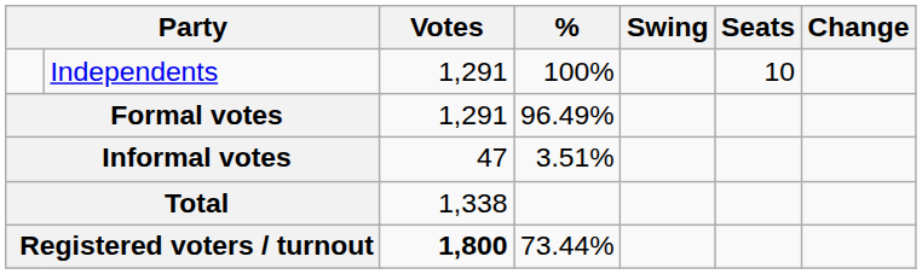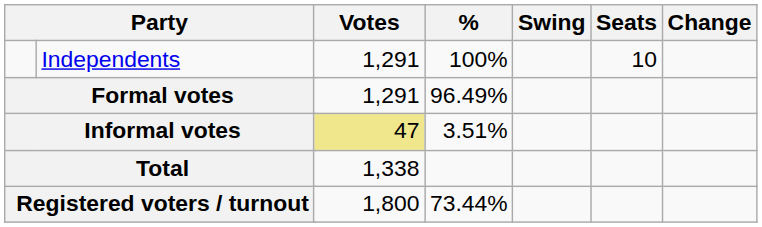 <table class="wikitable" style="text-align:right; margin-bottom:0">
 <tr>
 <th style="width:10px" colspan=3>Party</th>
 <th style="width:70px;">Votes</th>
 <th style="width:40px;">%</th>
 <th style="width:40px;">Swing</th>
 <th style="width:40px;">Seats</th>
 <th style="width:40px;">Change</th>
 </tr>
 <tr>
 <td> </td>
 <td style="text-align:left;" colspan="2"><a href='#'>Independents</a></td>
 <td>1,291</td>
 <td>100%</td>
 <td></td>
 <td>10</td>
 <td></td>
 </tr>
 <tr>
 <th colspan="3" rowspan="1"> Formal votes</th>
 <td>1,291</td>
 <td>96.49%</td>
 <td></td>
 <td></td>
 <td></td>
 </tr>
 <tr>
 <th colspan="3" rowspan="1"> Informal votes</th>
-<td>47</td>
+<td style="background: khaki;">47</td>
 <td>3.51%</td>
 <td></td>
 <td></td>
 <td></td>
 </tr>
 <tr>
 <th colspan="3" rowspan="1"> <strong>Total </strong></th>
 <td>1,338</td>
 <td></td>
 <td></td>
 <td></td>
 <td></td>
 </tr>
 <tr>
 <th colspan="3" rowspan="1"> Registered voters / turnout</th>
-<td><strong>1,800</strong></td>
+<td>1,800</td>
 <td>73.44%</td>
 <td></td>
 <td></td>
 <td></td>
 </tr>
 </table>
